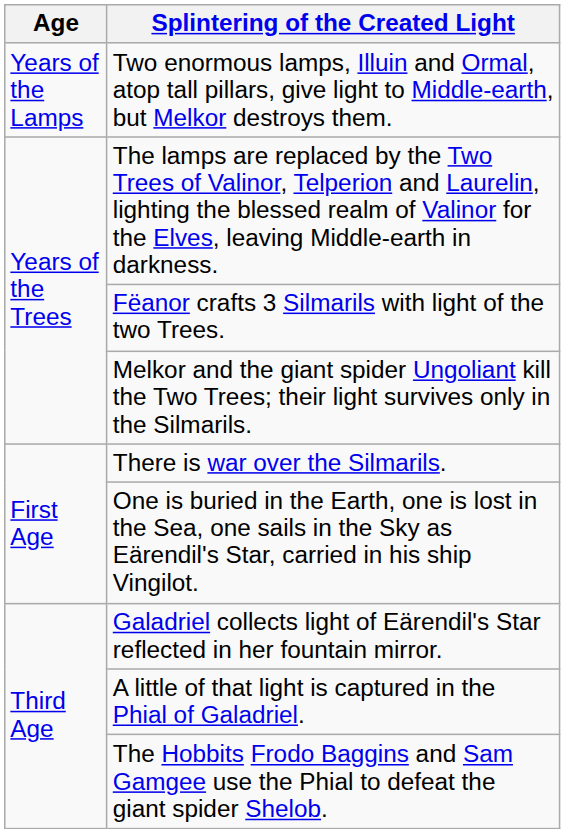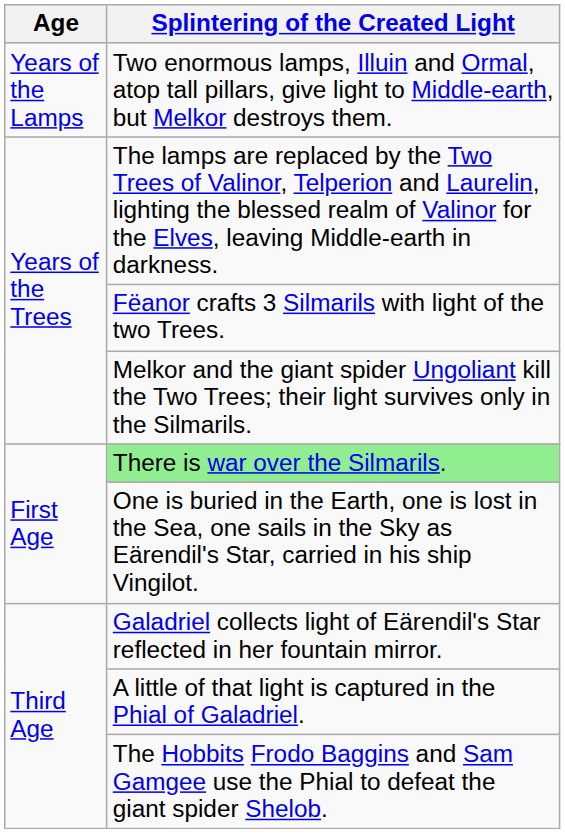 <table class="wikitable floatright">
 <tr>
 <th scope="col" style="width: 60px;">Age</th>
 <th scope="col" style="width: 290px;"><a href='#'>Splintering of the Created Light</a></th>
 </tr>
 <tr>
 <td><a href='#'>Years of the Lamps</a></td>
 <td>Two enormous lamps, <a href='#'>Illuin</a> and <a href='#'>Ormal</a>, atop tall pillars, give light to <a href='#'>Middle-earth</a>, but <a href='#'>Melkor</a> destroys them.</td>
 </tr>
 <tr>
 <td rowspan="3"><a href='#'>Years of the Trees</a></td>
 <td>The lamps are replaced by the <a href='#'>Two Trees of Valinor</a>, <a href='#'>Telperion</a> and <a href='#'>Laurelin</a>, lighting the blessed realm of <a href='#'>Valinor</a> for the <a href='#'>Elves</a>, leaving Middle-earth in darkness.</td>
 </tr>
 <tr>
 <td><a href='#'>Fëanor</a> crafts 3 <a href='#'>Silmarils</a> with light of the two Trees.</td>
 </tr>
 <tr>
 <td>Melkor and the giant spider <a href='#'>Ungoliant</a> kill the Two Trees; their light survives only in the Silmarils.</td>
 </tr>
 <tr>
 <td rowspan="2"><a href='#'>First Age</a></td>
-<td>There is <a href='#'>war over the Silmarils</a>.</td>
+<td style="background: lightgreen;">There is <a href='#'>war over the Silmarils</a>.</td>
 </tr>
 <tr>
 <td>One is buried in the Earth, one is lost in the Sea, one sails in the Sky as Eärendil's Star, carried in his ship Vingilot.</td>
 </tr>
 <tr>
 <td rowspan="3"><a href='#'>Third Age</a></td>
 <td><a href='#'>Galadriel</a> collects light of Eärendil's Star reflected in her fountain mirror.</td>
 </tr>
 <tr>
 <td>A little of that light is captured in the <a href='#'>Phial of Galadriel</a>.</td>
 </tr>
 <tr>
 <td>The <a href='#'>Hobbits</a> <a href='#'>Frodo Baggins</a> and <a href='#'>Sam Gamgee</a> use the Phial to defeat the giant spider <a href='#'>Shelob</a>.</td>
 </tr>
 </table>
